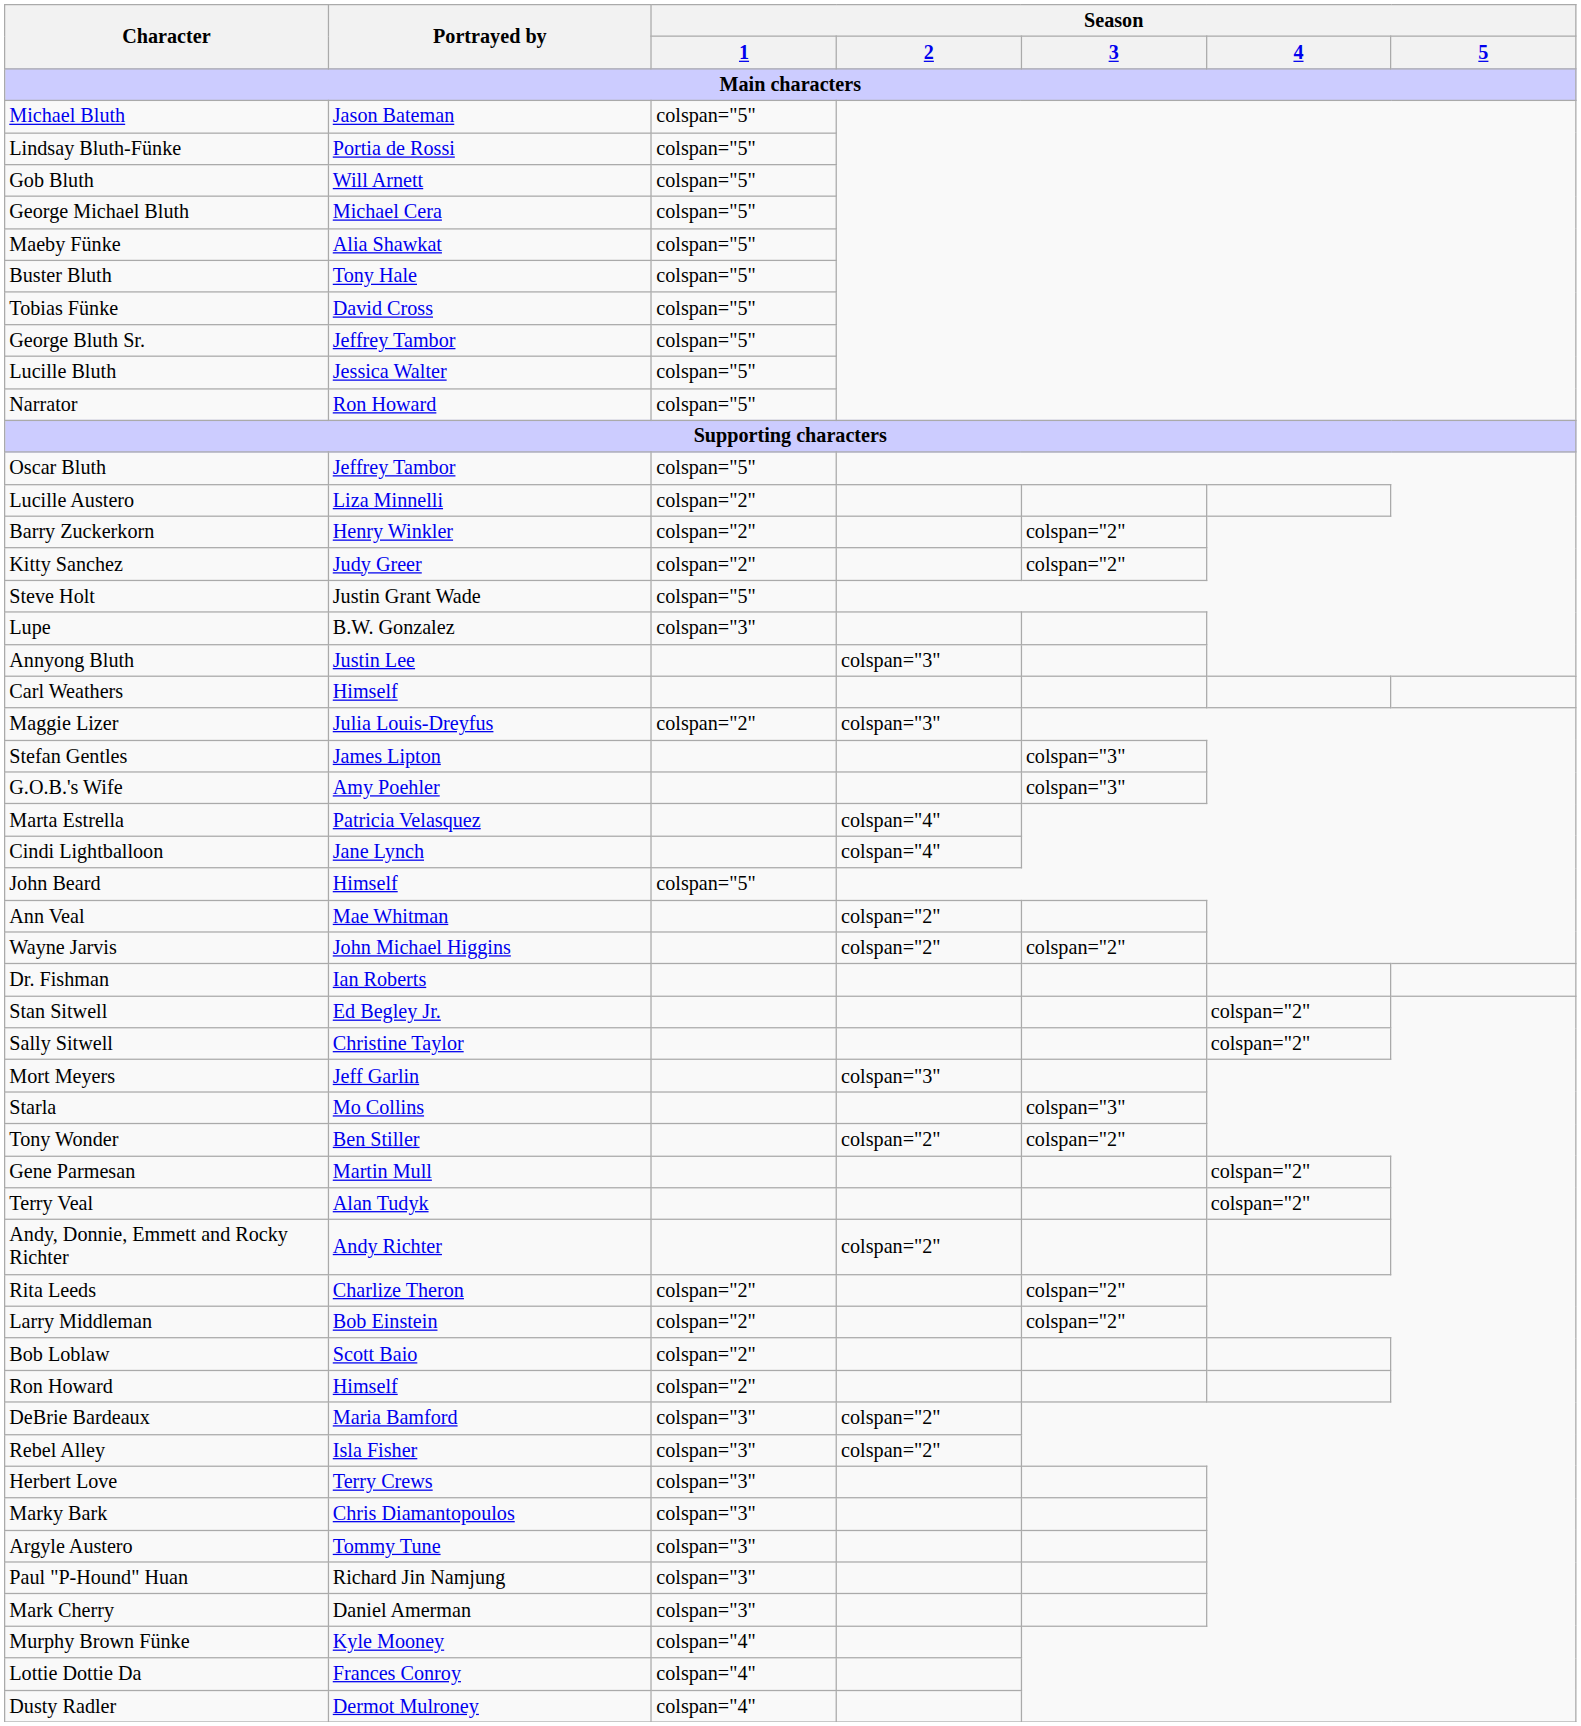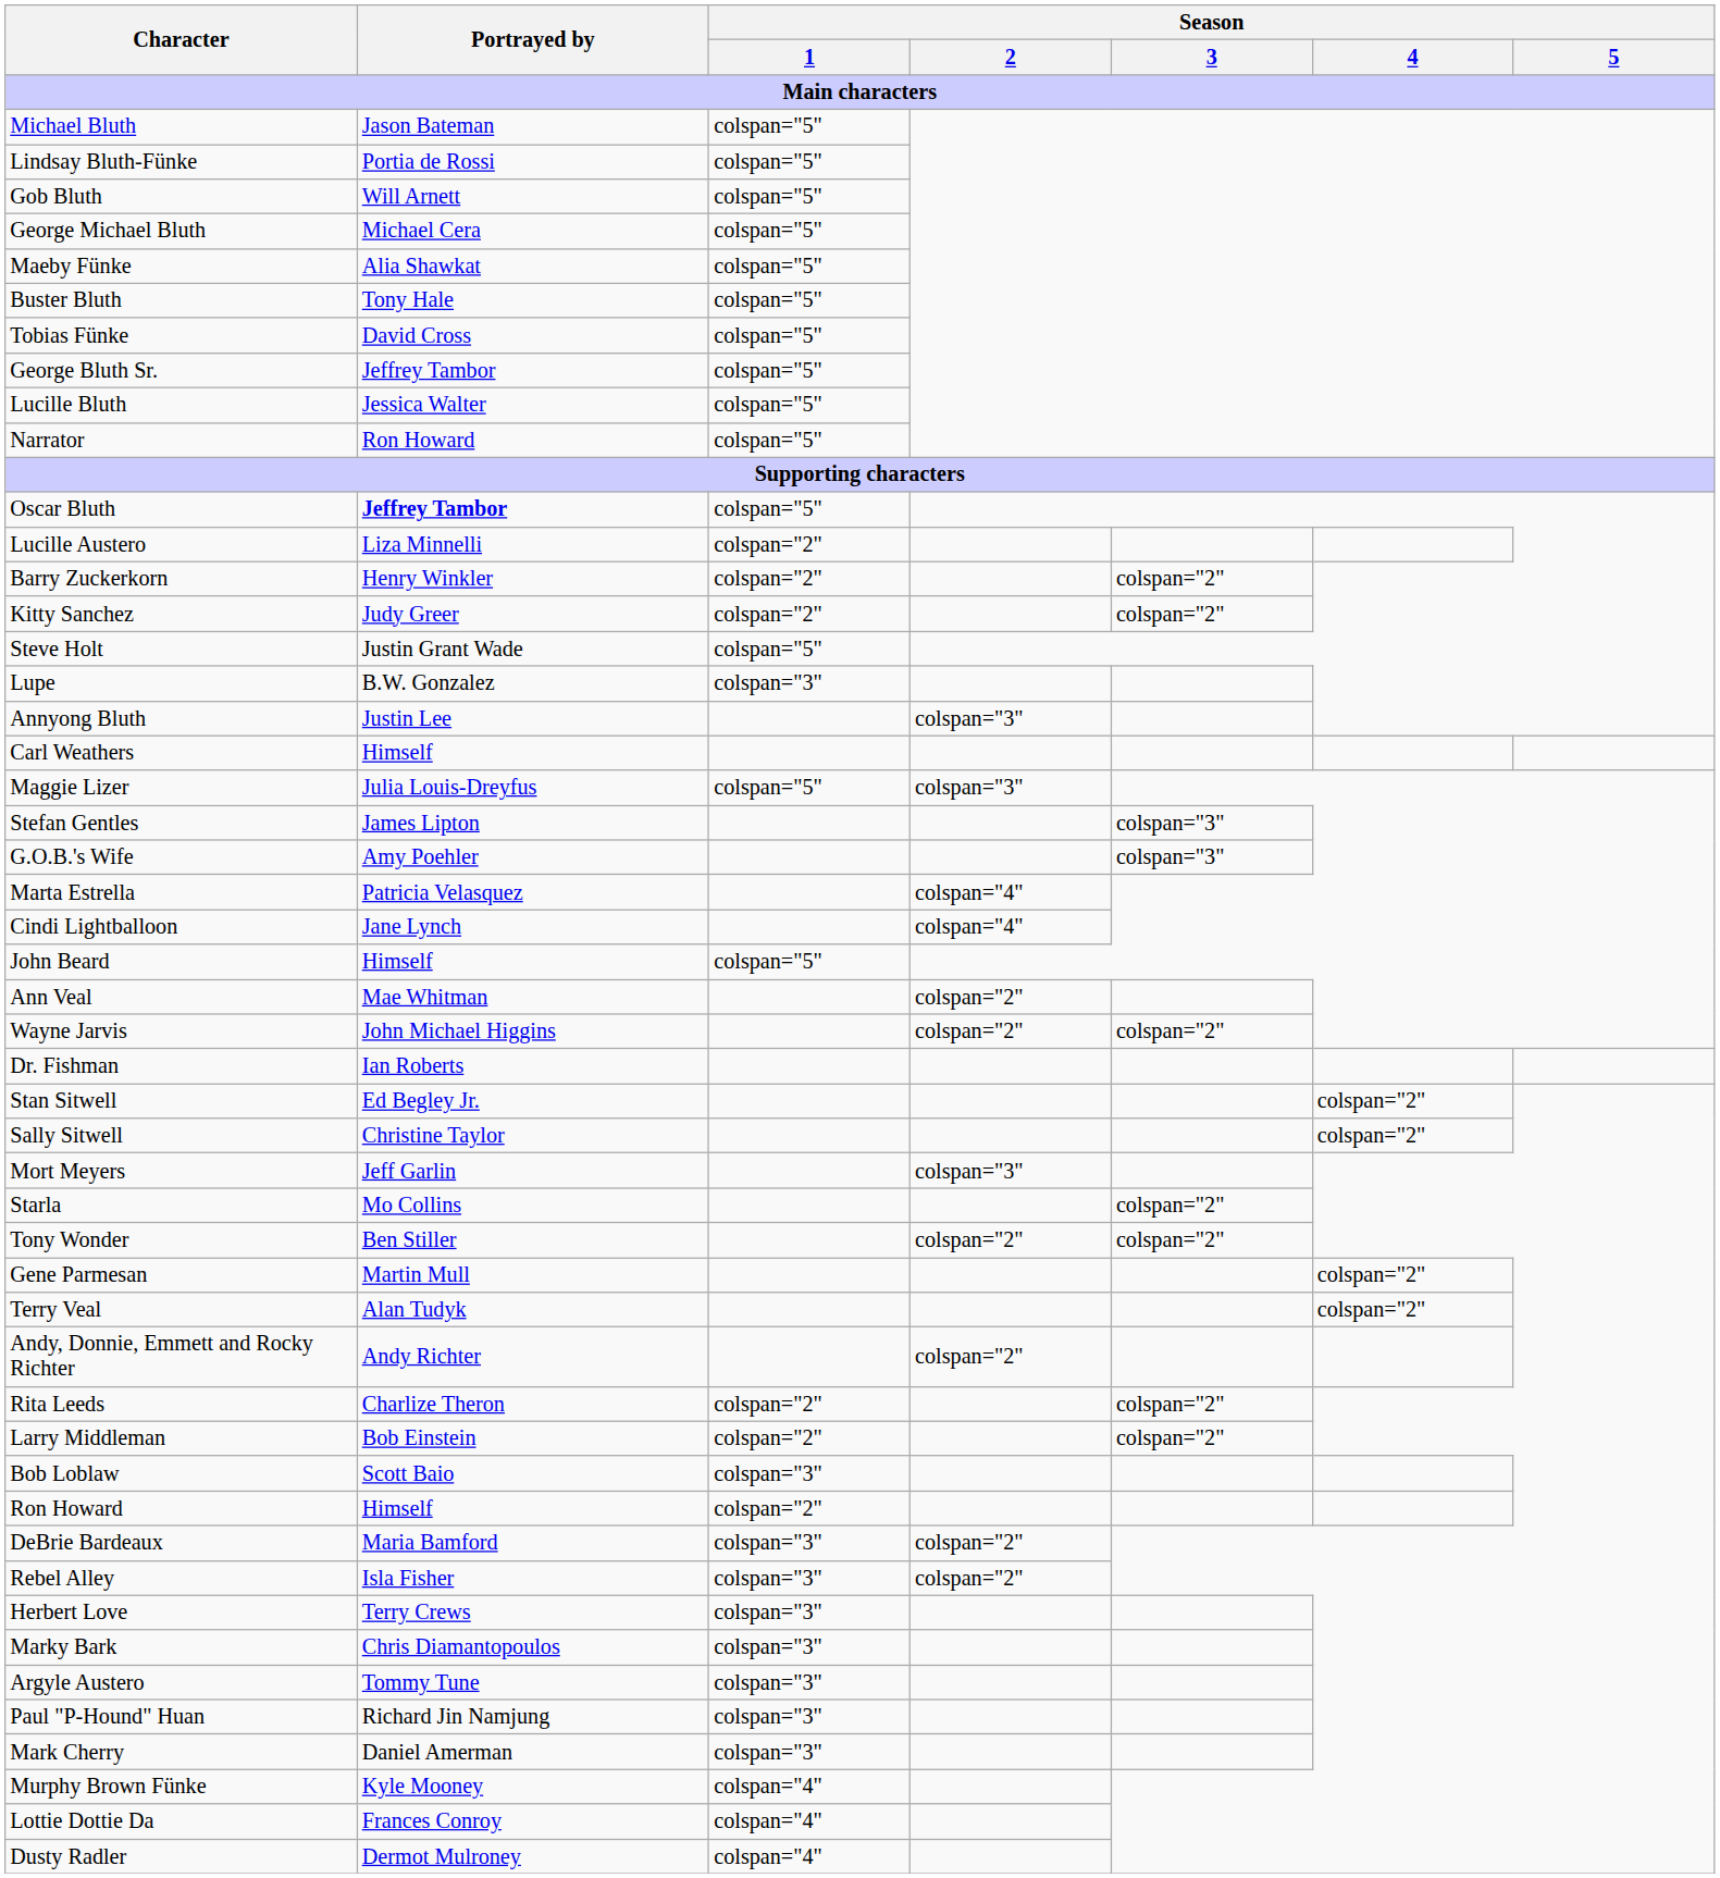 <table class="wikitable">
 <tr>
 <th rowspan="2" style="width:14%;">Character</th>
 <th rowspan="2" style="width:14%;">Portrayed by</th>
 <th colspan="5">Season</th>
 </tr>
 <tr>
 <th style="width:8%;"><a href='#'>1</a></th>
 <th style="width:8%;"><a href='#'>2</a></th>
 <th style="width:8%;"><a href='#'>3</a></th>
 <th style="width:8%;"><a href='#'>4</a></th>
 <th style="width:8%;"><a href='#'>5</a></th>
 </tr>
 <tr>
 <th colspan="9" style="background-color:#ccccff;">Main characters</th>
 </tr>
 <tr>
 <td><a href='#'>Michael Bluth</a></td>
 <td><a href='#'>Jason Bateman</a></td>
 <td>colspan="5" </td>
 </tr>
 <tr>
 <td>Lindsay Bluth-Fünke</td>
 <td><a href='#'>Portia de Rossi</a></td>
 <td>colspan="5" </td>
 </tr>
 <tr>
 <td>Gob Bluth</td>
 <td><a href='#'>Will Arnett</a></td>
 <td>colspan="5" </td>
 </tr>
 <tr>
 <td>George Michael Bluth</td>
 <td><a href='#'>Michael Cera</a></td>
 <td>colspan="5" </td>
 </tr>
 <tr>
 <td>Maeby Fünke</td>
 <td><a href='#'>Alia Shawkat</a></td>
 <td>colspan="5" </td>
 </tr>
 <tr>
 <td>Buster Bluth</td>
 <td><a href='#'>Tony Hale</a></td>
 <td>colspan="5" </td>
 </tr>
 <tr>
 <td>Tobias Fünke</td>
 <td><a href='#'>David Cross</a></td>
 <td>colspan="5" </td>
 </tr>
 <tr>
 <td>George Bluth Sr.</td>
 <td><a href='#'>Jeffrey Tambor</a></td>
 <td>colspan="5" </td>
 </tr>
 <tr>
 <td>Lucille Bluth</td>
 <td><a href='#'>Jessica Walter</a></td>
 <td>colspan="5" </td>
 </tr>
 <tr>
 <td>Narrator</td>
 <td><a href='#'>Ron Howard</a></td>
 <td>colspan="5" </td>
 </tr>
 <tr>
 <th colspan="9" style="background-color:#ccccff;">Supporting characters</th>
 </tr>
 <tr>
 <td>Oscar Bluth</td>
-<td><a href='#'>Jeffrey Tambor</a></td>
+<td><strong><a href='#'>Jeffrey Tambor</a></strong></td>
 <td>colspan="5" </td>
 </tr>
 <tr>
 <td>Lucille Austero</td>
 <td><a href='#'>Liza Minnelli</a></td>
 <td>colspan="2" </td>
 <td></td>
 <td></td>
 <td></td>
 </tr>
 <tr>
 <td>Barry Zuckerkorn</td>
 <td><a href='#'>Henry Winkler</a></td>
 <td>colspan="2" </td>
 <td></td>
 <td>colspan="2" </td>
 </tr>
 <tr>
 <td>Kitty Sanchez</td>
 <td><a href='#'>Judy Greer</a></td>
 <td>colspan="2" </td>
 <td></td>
 <td>colspan="2" </td>
 </tr>
 <tr>
 <td>Steve Holt</td>
 <td>Justin Grant Wade</td>
 <td>colspan="5" </td>
 </tr>
 <tr>
 <td>Lupe</td>
 <td>B.W. Gonzalez</td>
 <td>colspan="3" </td>
 <td></td>
 <td></td>
 </tr>
 <tr>
 <td>Annyong Bluth</td>
 <td><a href='#'>Justin Lee</a></td>
 <td></td>
 <td>colspan="3" </td>
 <td></td>
 </tr>
 <tr>
 <td>Carl Weathers</td>
 <td><a href='#'>Himself</a></td>
 <td></td>
 <td></td>
 <td></td>
 <td></td>
 <td></td>
 </tr>
 <tr>
 <td>Maggie Lizer</td>
 <td><a href='#'>Julia Louis-Dreyfus</a></td>
-<td>colspan="2" </td>
+<td>colspan="5" </td>
 <td>colspan="3" </td>
 </tr>
 <tr>
 <td>Stefan Gentles</td>
 <td><a href='#'>James Lipton</a></td>
 <td></td>
 <td></td>
 <td>colspan="3" </td>
 </tr>
 <tr>
 <td>G.O.B.'s Wife</td>
 <td><a href='#'>Amy Poehler</a></td>
 <td></td>
 <td></td>
 <td>colspan="3" </td>
 </tr>
 <tr>
 <td>Marta Estrella</td>
 <td><a href='#'>Patricia Velasquez</a></td>
 <td></td>
 <td>colspan="4" </td>
 </tr>
 <tr>
 <td>Cindi Lightballoon</td>
 <td><a href='#'>Jane Lynch</a></td>
 <td></td>
 <td>colspan="4" </td>
 </tr>
 <tr>
 <td>John Beard</td>
 <td><a href='#'>Himself</a></td>
 <td>colspan="5" </td>
 </tr>
 <tr>
 <td>Ann Veal</td>
 <td><a href='#'>Mae Whitman</a></td>
 <td></td>
 <td>colspan="2" </td>
 <td></td>
 </tr>
 <tr>
 <td>Wayne Jarvis</td>
 <td><a href='#'>John Michael Higgins</a></td>
 <td></td>
 <td>colspan="2" </td>
 <td>colspan="2" </td>
 </tr>
 <tr>
 <td>Dr. Fishman</td>
 <td><a href='#'>Ian Roberts</a></td>
 <td></td>
 <td></td>
 <td></td>
 <td></td>
 <td></td>
 </tr>
 <tr>
 <td>Stan Sitwell</td>
 <td><a href='#'>Ed Begley Jr.</a></td>
 <td></td>
 <td></td>
 <td></td>
 <td>colspan="2" </td>
 </tr>
 <tr>
 <td>Sally Sitwell</td>
 <td><a href='#'>Christine Taylor</a></td>
 <td></td>
 <td></td>
 <td></td>
 <td>colspan="2" </td>
 </tr>
 <tr>
 <td>Mort Meyers</td>
 <td><a href='#'>Jeff Garlin</a></td>
 <td></td>
 <td>colspan="3" </td>
 <td></td>
 </tr>
 <tr>
 <td>Starla</td>
 <td><a href='#'>Mo Collins</a></td>
 <td></td>
 <td></td>
-<td>colspan="3" </td>
+<td>colspan="2" </td>
 </tr>
 <tr>
 <td>Tony Wonder</td>
 <td><a href='#'>Ben Stiller</a></td>
 <td></td>
 <td>colspan="2" </td>
 <td>colspan="2" </td>
 </tr>
 <tr>
 <td>Gene Parmesan</td>
 <td><a href='#'>Martin Mull</a></td>
 <td></td>
 <td></td>
 <td></td>
 <td>colspan="2" </td>
 </tr>
 <tr>
 <td>Terry Veal</td>
 <td><a href='#'>Alan Tudyk</a></td>
 <td></td>
 <td></td>
 <td></td>
 <td>colspan="2" </td>
 </tr>
 <tr>
 <td>Andy, Donnie, Emmett and Rocky Richter</td>
 <td><a href='#'>Andy Richter</a></td>
 <td></td>
 <td>colspan="2" </td>
 <td></td>
 <td></td>
 </tr>
 <tr>
 <td>Rita Leeds</td>
 <td><a href='#'>Charlize Theron</a></td>
 <td>colspan="2" </td>
 <td></td>
 <td>colspan="2" </td>
 </tr>
 <tr>
 <td>Larry Middleman</td>
 <td><a href='#'>Bob Einstein</a></td>
 <td>colspan="2" </td>
 <td></td>
 <td>colspan="2" </td>
 </tr>
 <tr>
 <td>Bob Loblaw</td>
 <td><a href='#'>Scott Baio</a></td>
-<td>colspan="2" </td>
+<td>colspan="3" </td>
 <td></td>
 <td></td>
 <td></td>
 </tr>
 <tr>
 <td>Ron Howard</td>
 <td><a href='#'>Himself</a></td>
 <td>colspan="2" </td>
 <td></td>
 <td></td>
 <td></td>
 </tr>
 <tr>
 <td>DeBrie Bardeaux</td>
 <td><a href='#'>Maria Bamford</a></td>
 <td>colspan="3" </td>
 <td>colspan="2" </td>
 </tr>
 <tr>
 <td>Rebel Alley</td>
 <td><a href='#'>Isla Fisher</a></td>
 <td>colspan="3" </td>
 <td>colspan="2" </td>
 </tr>
 <tr>
 <td>Herbert Love</td>
 <td><a href='#'>Terry Crews</a></td>
 <td>colspan="3" </td>
 <td></td>
 <td></td>
 </tr>
 <tr>
 <td>Marky Bark</td>
 <td><a href='#'>Chris Diamantopoulos</a></td>
 <td>colspan="3" </td>
 <td></td>
 <td></td>
 </tr>
 <tr>
 <td>Argyle Austero</td>
 <td><a href='#'>Tommy Tune</a></td>
 <td>colspan="3" </td>
 <td></td>
 <td></td>
 </tr>
 <tr>
 <td>Paul "P-Hound" Huan</td>
 <td>Richard Jin Namjung</td>
 <td>colspan="3" </td>
 <td></td>
 <td></td>
 </tr>
 <tr>
 <td>Mark Cherry</td>
 <td>Daniel Amerman</td>
 <td>colspan="3" </td>
 <td></td>
 <td></td>
 </tr>
 <tr>
 <td>Murphy Brown Fünke</td>
 <td><a href='#'>Kyle Mooney</a></td>
 <td>colspan="4" </td>
 <td></td>
 </tr>
 <tr>
 <td>Lottie Dottie Da</td>
 <td><a href='#'>Frances Conroy</a></td>
 <td>colspan="4" </td>
 <td></td>
 </tr>
 <tr>
 <td>Dusty Radler</td>
 <td><a href='#'>Dermot Mulroney</a></td>
 <td>colspan="4" </td>
 <td></td>
 </tr>
 </table>
